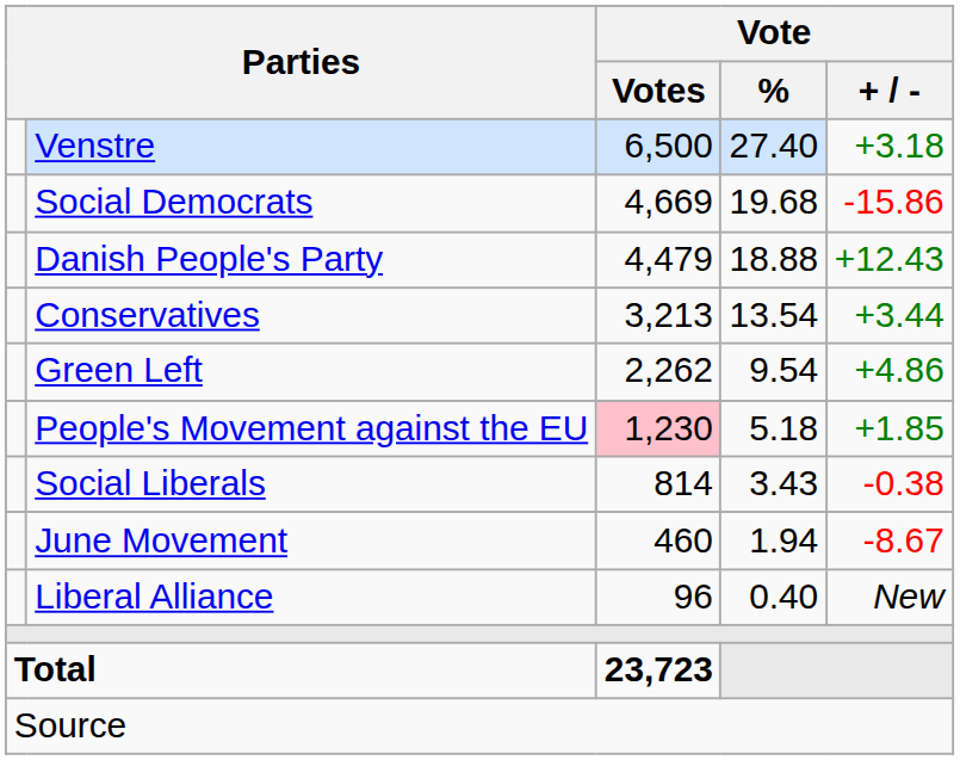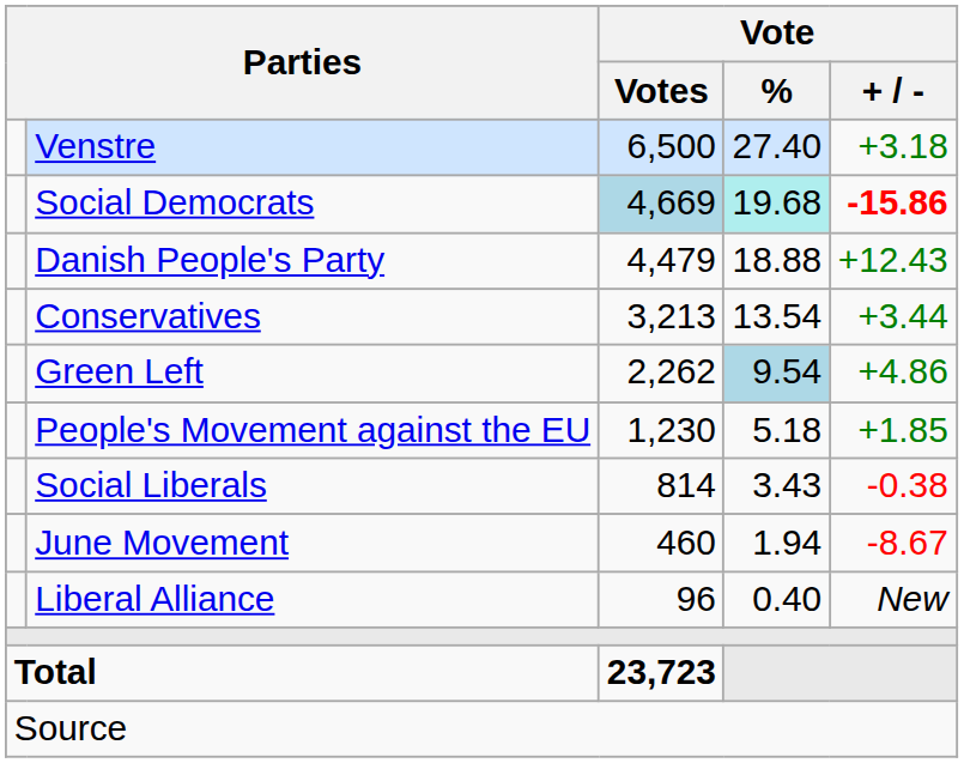 <table class="wikitable" style="text-align:right;">
 <tr>
 <th style="text-align:centre;" rowspan="2" colspan="2" width="225">Parties</th>
 <th colspan="3">Vote</th>
 </tr>
 <tr>
 <th width="15">Votes</th>
 <th width="15">%</th>
 <th width="15">+ / -</th>
 </tr>
 <tr>
 <td width="2" style="color:inherit;background:"></td>
 <td bgcolor=#cfe5fe   align="left"><a href='#'>Venstre</a></td>
 <td bgcolor=#cfe5fe>6,500</td>
 <td bgcolor=#cfe5fe>27.40</td>
 <td style=color:green;>+3.18</td>
 </tr>
 <tr>
 <td width="2" style="color:inherit;background:"></td>
 <td align="left"><a href='#'>Social Democrats</a></td>
-<td>4,669</td>
-<td>19.68</td>
-<td style=color:red;>-15.86</td>
+<td style="background: lightblue;">4,669</td>
+<td style="background: paleturquoise;">19.68</td>
+<td style=color:red;><strong>-15.86</strong></td>
 </tr>
 <tr>
 <td width="2" style="color:inherit;background:"></td>
 <td align="left"><a href='#'>Danish People's Party</a></td>
 <td>4,479</td>
 <td>18.88</td>
 <td style=color:green;>+12.43</td>
 </tr>
 <tr>
 <td width="2" style="color:inherit;background:"></td>
 <td align="left"><a href='#'>Conservatives</a></td>
 <td>3,213</td>
 <td>13.54</td>
 <td style=color:green;>+3.44</td>
 </tr>
 <tr>
 <td width="2" style="color:inherit;background:"></td>
 <td align="left"><a href='#'>Green Left</a></td>
 <td>2,262</td>
-<td>9.54</td>
+<td style="background: lightblue;">9.54</td>
 <td style=color:green;>+4.86</td>
 </tr>
 <tr>
 <td width="2" style="color:inherit;background:"></td>
 <td align="left"><a href='#'>People's Movement against the EU</a></td>
-<td style="background: pink;">1,230</td>
+<td>1,230</td>
 <td>5.18</td>
 <td style=color:green;>+1.85</td>
 </tr>
 <tr>
 <td width="2" style="color:inherit;background:"></td>
 <td align="left"><a href='#'>Social Liberals</a></td>
 <td>814</td>
 <td>3.43</td>
 <td style=color:red;>-0.38</td>
 </tr>
 <tr>
 <td width="2" style="color:inherit;background:"></td>
 <td align="left"><a href='#'>June Movement</a></td>
 <td>460</td>
 <td>1.94</td>
 <td style=color:red;>-8.67</td>
 </tr>
 <tr>
 <td width="2" style="color:inherit;background:"></td>
 <td align="left"><a href='#'>Liberal Alliance</a></td>
 <td>96</td>
 <td>0.40</td>
 <td><em>New</em></td>
 </tr>
 <tr>
 <td colspan="7" bgcolor="#E9E9E9"></td>
 </tr>
 <tr>
 <td align="left" colspan="2"><strong>Total</strong></td>
 <td><strong>23,723</strong></td>
 <td bgcolor="#E9E9E9" colspan="2"></td>
 </tr>
 <tr>
 <td align="left" colspan="6">Source</td>
 </tr>
 </table>
